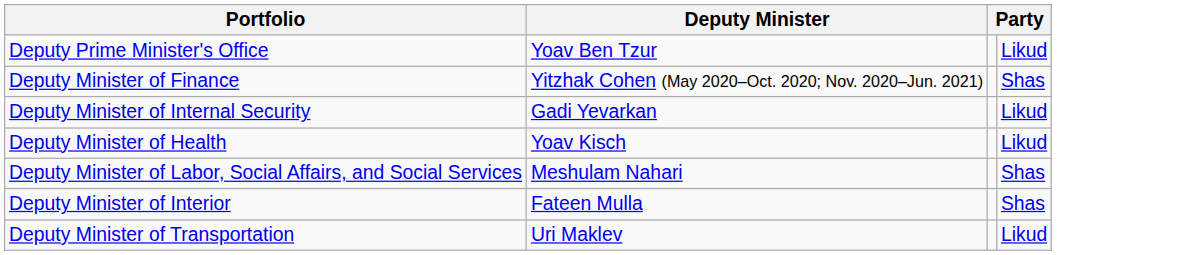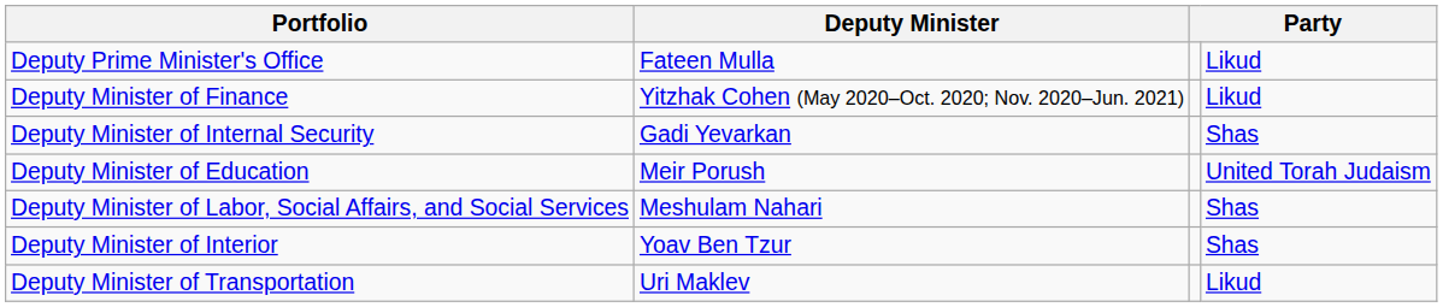 <table class=wikitable>
 <tr>
 <th>Portfolio</th>
 <th>Deputy Minister</th>
 <th colspan=2>Party</th>
 </tr>
 <tr>
 <td><a href='#'>Deputy Prime Minister's Office</a></td>
-<td><a href='#'>Yoav Ben Tzur</a></td>
+<td><a href='#'>Fateen Mulla</a></td>
 <td style="background:"></td>
 <td><a href='#'>Likud</a></td>
 </tr>
 <tr>
 <td><a href='#'>Deputy Minister of Finance</a></td>
 <td><a href='#'>Yitzhak Cohen</a> <small>(May 2020–Oct. 2020; Nov. 2020–Jun. 2021)</small></td>
 <td style="background:"></td>
-<td><a href='#'>Shas</a></td>
+<td><a href='#'>Likud</a></td>
 </tr>
 <tr>
 <td><a href='#'>Deputy Minister of Internal Security</a></td>
 <td><a href='#'>Gadi Yevarkan</a></td>
 <td style="background:"></td>
-<td><a href='#'>Likud</a></td>
+<td><a href='#'>Shas</a></td>
 </tr>
 <tr>
-<td><a href='#'>Deputy Minister of Health</a></td>
-<td><a href='#'>Yoav Kisch</a></td>
+<td><a href='#'>Deputy Minister of Education</a></td>
+<td><a href='#'>Meir Porush</a></td>
 <td style="background:"></td>
-<td><a href='#'>Likud</a></td>
+<td><a href='#'>United Torah Judaism</a></td>
 </tr>
 <tr>
 <td><a href='#'>Deputy Minister of Labor, Social Affairs, and Social Services</a></td>
 <td><a href='#'>Meshulam Nahari</a></td>
 <td style="background:"></td>
 <td><a href='#'>Shas</a></td>
 </tr>
 <tr>
 <td><a href='#'>Deputy Minister of Interior</a></td>
-<td><a href='#'>Fateen Mulla</a></td>
+<td><a href='#'>Yoav Ben Tzur</a></td>
 <td style="background:"></td>
 <td><a href='#'>Shas</a></td>
 </tr>
 <tr>
 <td><a href='#'>Deputy Minister of Transportation</a></td>
 <td><a href='#'>Uri Maklev</a></td>
 <td style="background:"></td>
 <td><a href='#'>Likud</a></td>
 </tr>
 </table>
